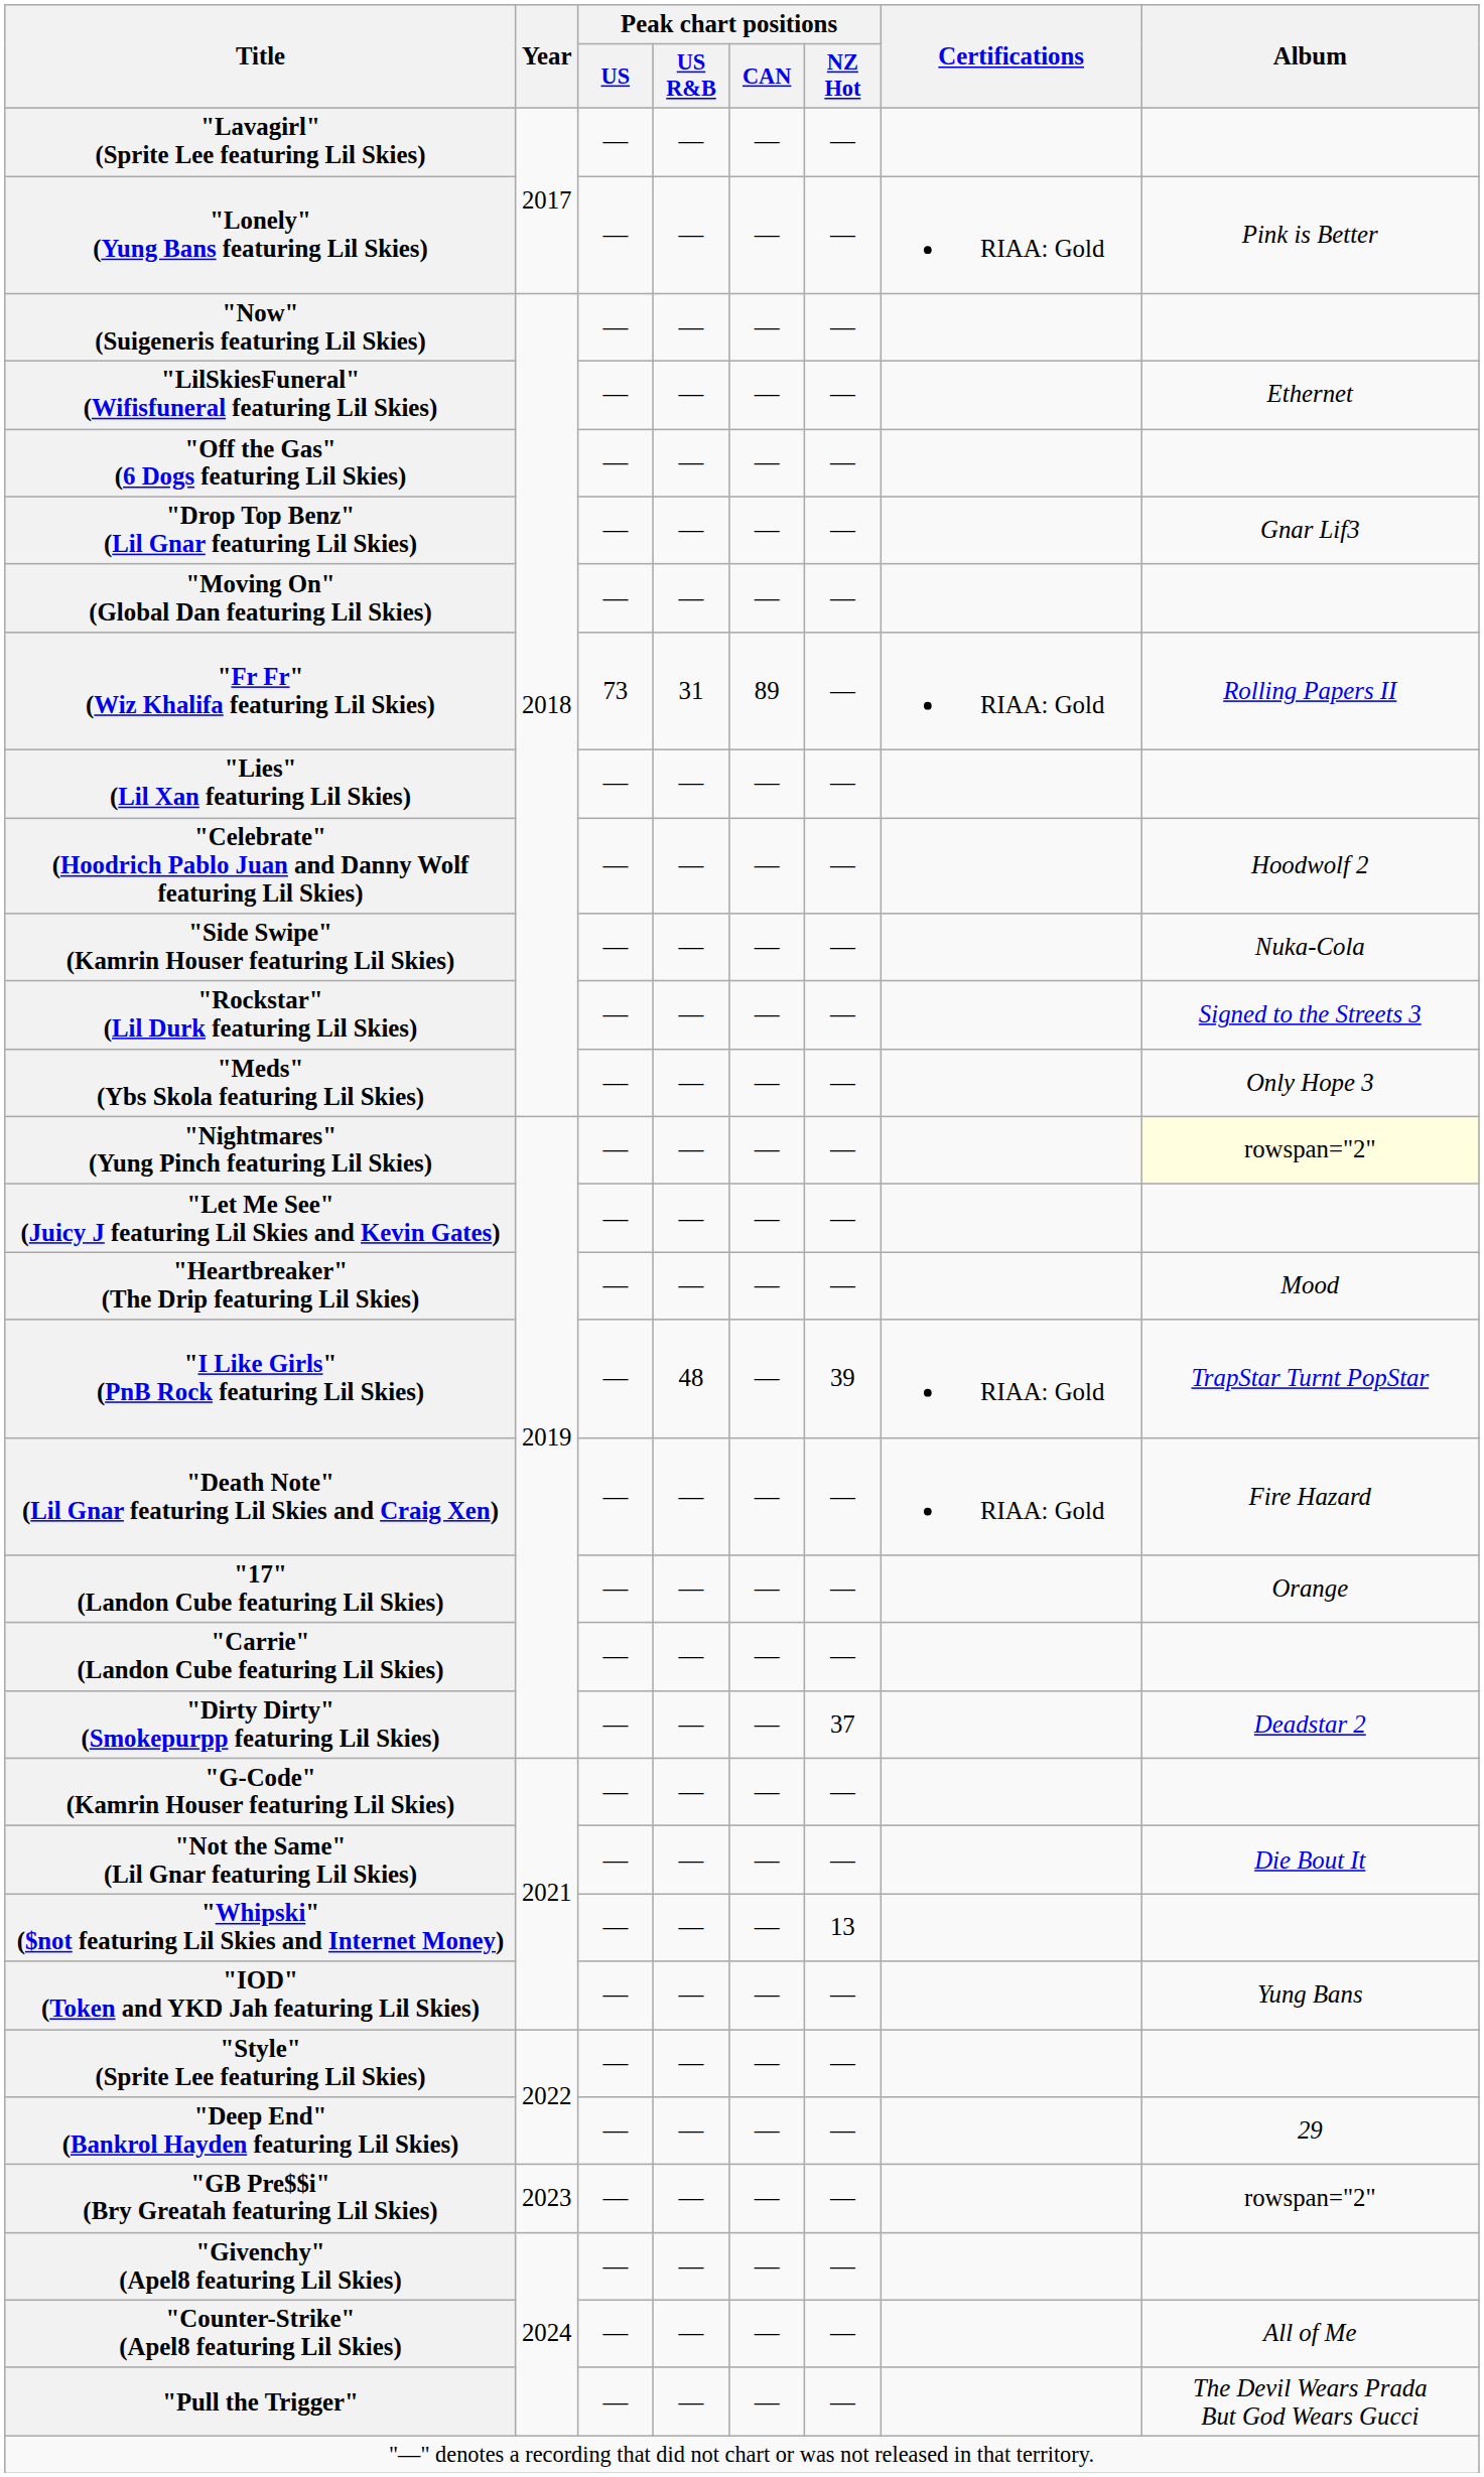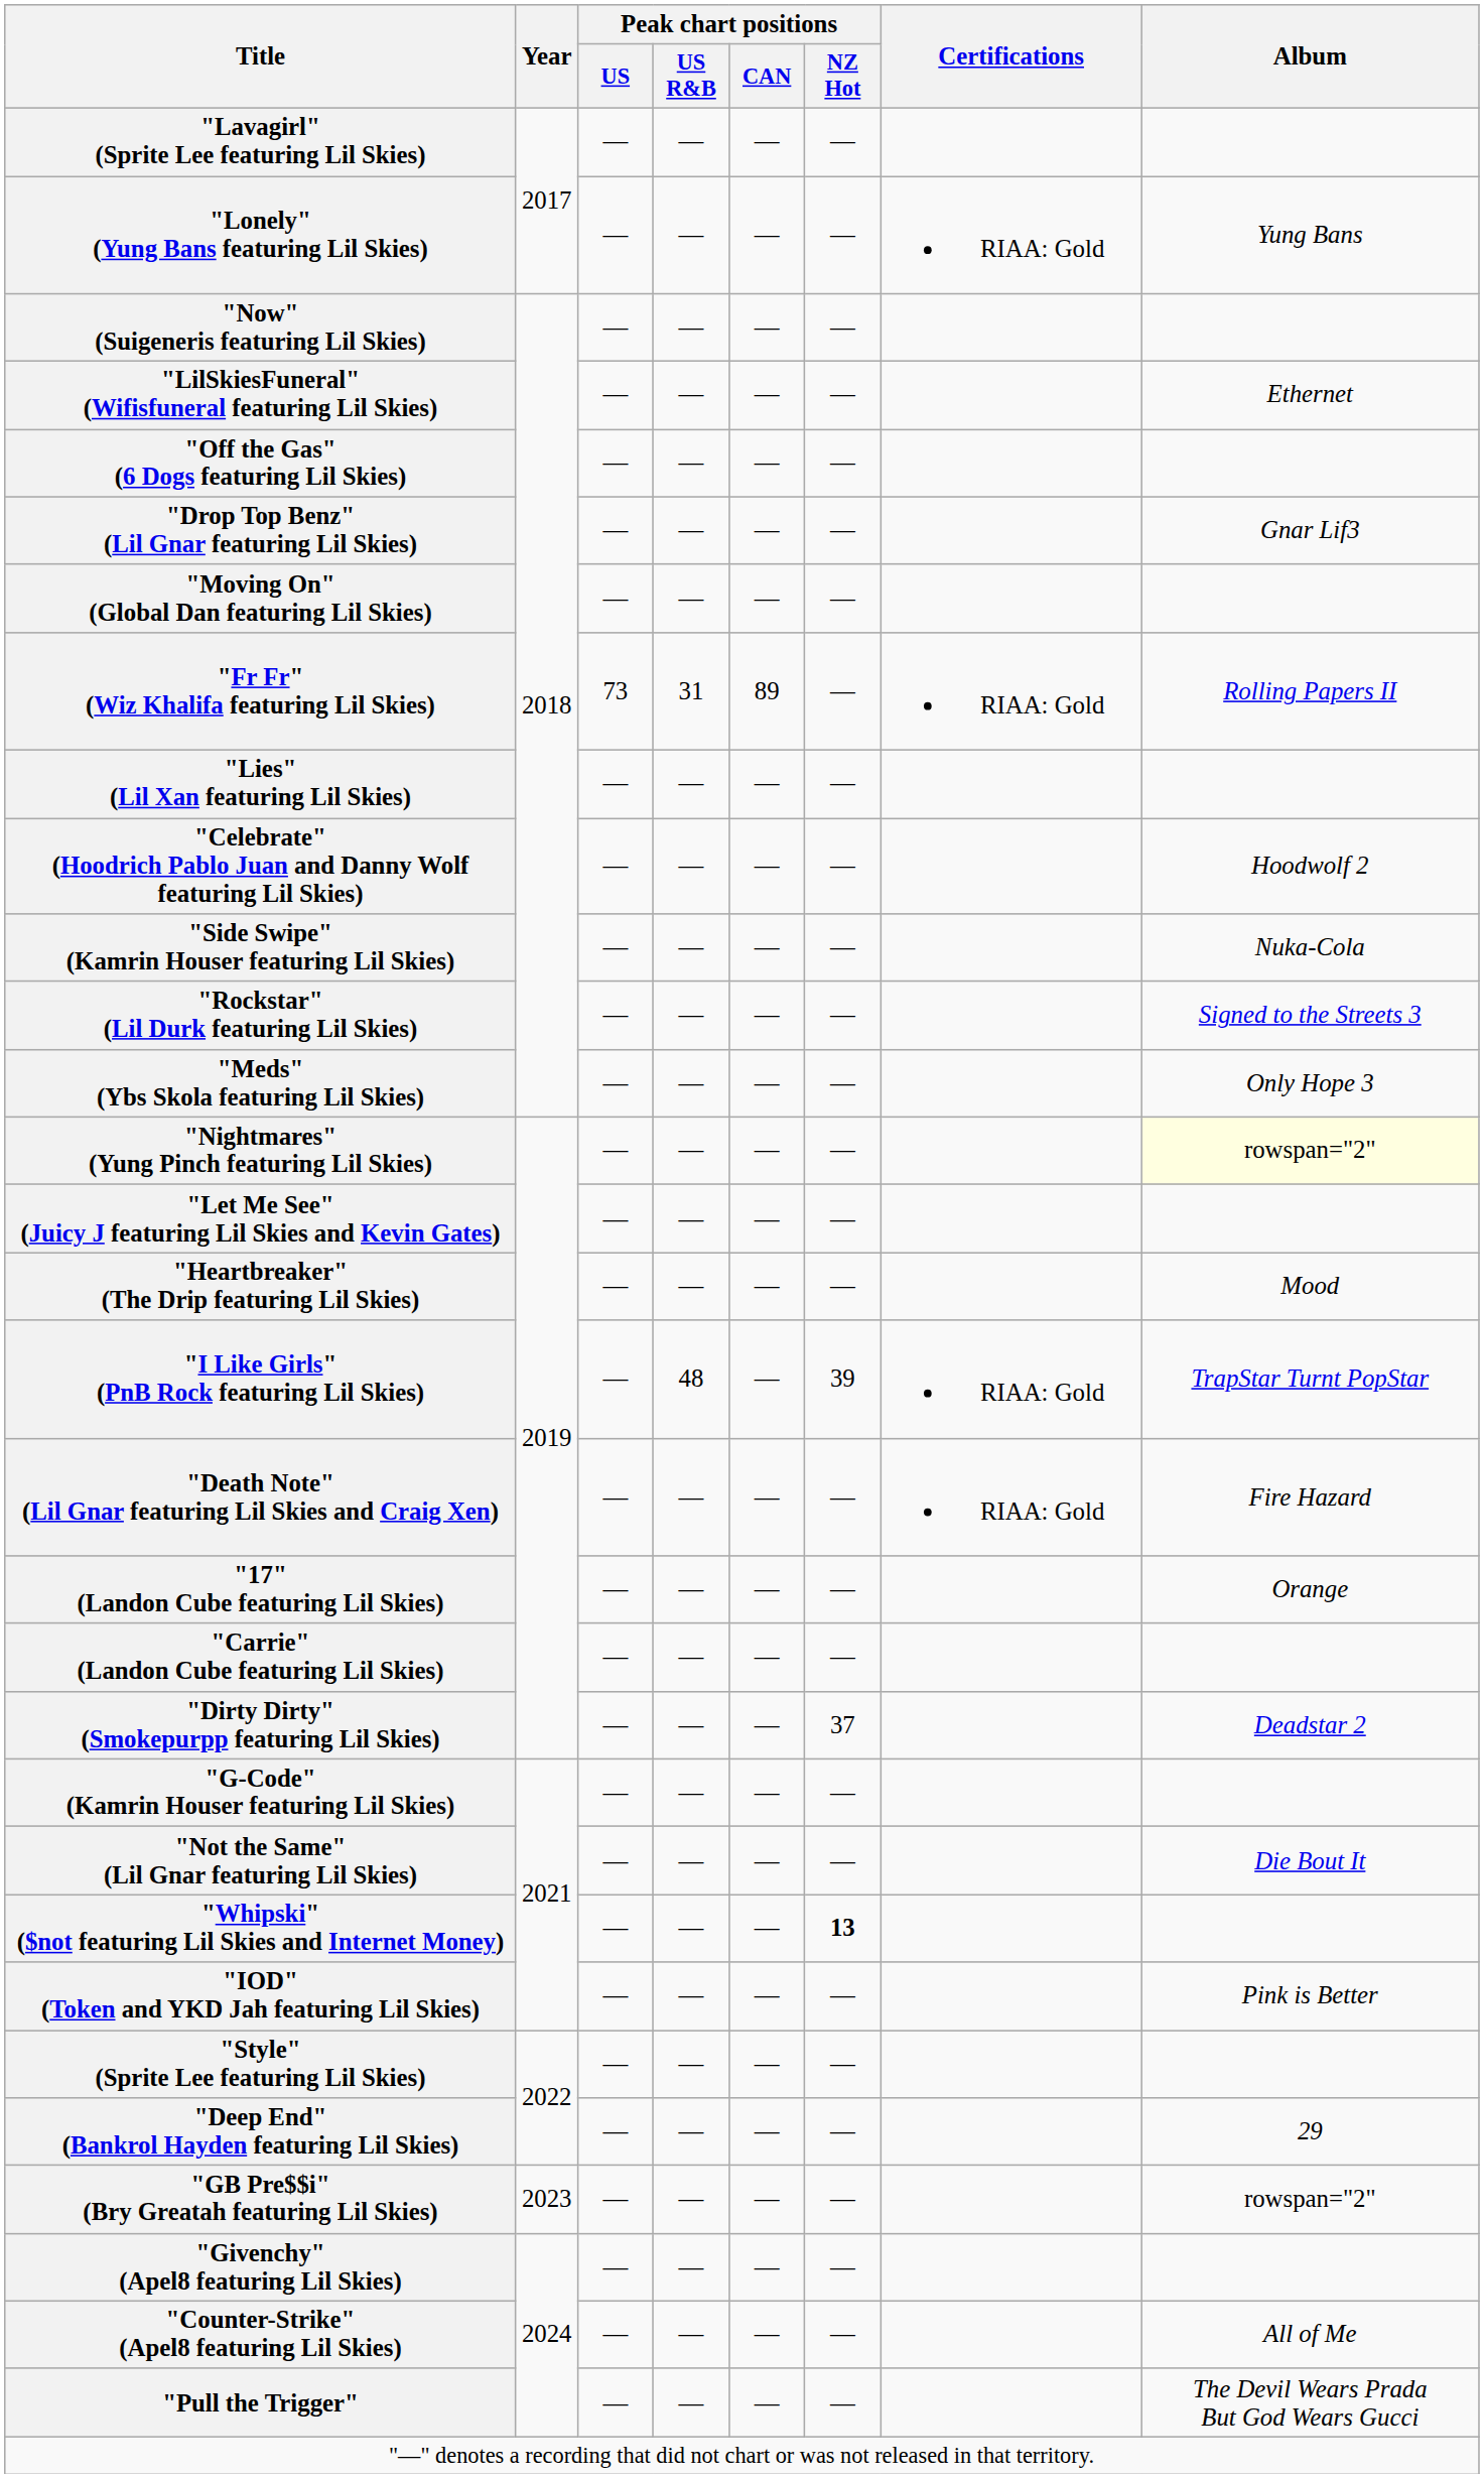 <table class="wikitable plainrowheaders" style="text-align:center;">
 <tr>
 <th scope="col" rowspan="2" style="width:20em;">Title</th>
 <th scope="col" rowspan="2" style="width:1em;">Year</th>
 <th scope="col" colspan="4">Peak chart positions</th>
 <th scope="col" rowspan="2" style="width:10em;"><a href='#'>Certifications</a></th>
 <th scope="col" rowspan="2" style="width:13em;">Album</th>
 </tr>
 <tr>
 <th scope="col" style="width:2.9em;font-size:90%;"><a href='#'>US</a><br></th>
 <th scope="col" style="width:2.9em;font-size:90%;"><a href='#'>US<br>R&B</a><br></th>
 <th scope="col" style="width:2.9em;font-size:90%;"><a href='#'>CAN</a><br></th>
 <th scope="col" style="width:2.9em;font-size:90%;"><a href='#'>NZ<br>Hot</a><br></th>
 </tr>
 <tr>
 <th scope="row">"Lavagirl"<br><span>(Sprite Lee featuring Lil Skies)</span></th>
 <td rowspan="2">2017</td>
 <td>—</td>
 <td>—</td>
 <td>—</td>
 <td>—</td>
 <td></td>
 <td></td>
 </tr>
 <tr>
 <th scope="row">"Lonely"<br><span>(<a href='#'>Yung Bans</a> featuring Lil Skies)</span></th>
 <td>—</td>
 <td>—</td>
 <td>—</td>
 <td>—</td>
 <td><br><ul><li>RIAA: Gold</li></ul></td>
-<td><em>Pink is Better</em></td>
+<td><em>Yung Bans</em></td>
 </tr>
 <tr>
 <th scope="row">"Now"<br><span>(Suigeneris featuring Lil Skies)</span></th>
 <td rowspan="11">2018</td>
 <td>—</td>
 <td>—</td>
 <td>—</td>
 <td>—</td>
 <td></td>
 <td></td>
 </tr>
 <tr>
 <th scope="row">"LilSkiesFuneral"<br><span>(<a href='#'>Wifisfuneral</a> featuring Lil Skies)</span></th>
 <td>—</td>
 <td>—</td>
 <td>—</td>
 <td>—</td>
 <td></td>
 <td><em>Ethernet</em></td>
 </tr>
 <tr>
 <th scope="row">"Off the Gas"<br><span>(<a href='#'>6 Dogs</a> featuring Lil Skies)</span></th>
 <td>—</td>
 <td>—</td>
 <td>—</td>
 <td>—</td>
 <td></td>
 <td></td>
 </tr>
 <tr>
 <th scope="row">"Drop Top Benz"<br><span>(<a href='#'>Lil Gnar</a> featuring Lil Skies)</span></th>
 <td>—</td>
 <td>—</td>
 <td>—</td>
 <td>—</td>
 <td></td>
 <td><em>Gnar Lif3</em></td>
 </tr>
 <tr>
 <th scope="row">"Moving On"<br><span>(Global Dan featuring Lil Skies)</span></th>
 <td>—</td>
 <td>—</td>
 <td>—</td>
 <td>—</td>
 <td></td>
 <td></td>
 </tr>
 <tr>
 <th scope="row">"<a href='#'>Fr Fr</a>"<br><span>(<a href='#'>Wiz Khalifa</a> featuring Lil Skies)</span></th>
 <td>73</td>
 <td>31</td>
 <td>89</td>
 <td>—</td>
 <td><br><ul><li>RIAA: Gold</li></ul></td>
 <td><em><a href='#'>Rolling Papers II</a></em></td>
 </tr>
 <tr>
 <th scope="row">"Lies"<br><span>(<a href='#'>Lil Xan</a> featuring Lil Skies)</span></th>
 <td>—</td>
 <td>—</td>
 <td>—</td>
 <td>—</td>
 <td></td>
 <td></td>
 </tr>
 <tr>
 <th scope="row">"Celebrate"<br><span>(<a href='#'>Hoodrich Pablo Juan</a> and Danny Wolf featuring Lil Skies)</span></th>
 <td>—</td>
 <td>—</td>
 <td>—</td>
 <td>—</td>
 <td></td>
 <td><em>Hoodwolf 2</em></td>
 </tr>
 <tr>
 <th scope="row">"Side Swipe"<br><span>(Kamrin Houser featuring Lil Skies)</span></th>
 <td>—</td>
 <td>—</td>
 <td>—</td>
 <td>—</td>
 <td></td>
 <td><em>Nuka-Cola</em></td>
 </tr>
 <tr>
 <th scope="row">"Rockstar"<br><span>(<a href='#'>Lil Durk</a> featuring Lil Skies)</span></th>
 <td>—</td>
 <td>—</td>
 <td>—</td>
 <td>—</td>
 <td></td>
 <td><em><a href='#'>Signed to the Streets 3</a></em></td>
 </tr>
 <tr>
 <th scope="row">"Meds"<br><span>(Ybs Skola featuring Lil Skies)</span></th>
 <td>—</td>
 <td>—</td>
 <td>—</td>
 <td>—</td>
 <td></td>
 <td><em>Only Hope 3</em></td>
 </tr>
 <tr>
 <th scope="row">"Nightmares"<br><span>(Yung Pinch featuring Lil Skies)</span></th>
 <td rowspan="8">2019</td>
 <td>—</td>
 <td>—</td>
 <td>—</td>
 <td>—</td>
 <td></td>
 <td style="background: lightyellow;">rowspan="2" </td>
 </tr>
 <tr>
 <th scope="row">"Let Me See"<br><span>(<a href='#'>Juicy J</a> featuring Lil Skies and <a href='#'>Kevin Gates</a>)</span></th>
 <td>—</td>
 <td>—</td>
 <td>—</td>
 <td>—</td>
 <td></td>
 </tr>
 <tr>
 <th scope="row">"Heartbreaker"<br><span>(The Drip featuring Lil Skies)</span></th>
 <td>—</td>
 <td>—</td>
 <td>—</td>
 <td>—</td>
 <td></td>
 <td><em>Mood</em></td>
 </tr>
 <tr>
 <th scope="row">"<a href='#'>I Like Girls</a>"<br><span>(<a href='#'>PnB Rock</a> featuring Lil Skies)</span></th>
 <td>—</td>
 <td>48</td>
 <td>—</td>
 <td>39</td>
 <td><br><ul><li>RIAA: Gold</li></ul></td>
 <td><em><a href='#'>TrapStar Turnt PopStar</a></em></td>
 </tr>
 <tr>
 <th scope="row">"Death Note"<br><span>(<a href='#'>Lil Gnar</a> featuring Lil Skies and <a href='#'>Craig Xen</a>)</span></th>
 <td>—</td>
 <td>—</td>
 <td>—</td>
 <td>—</td>
 <td><br><ul><li>RIAA: Gold</li></ul></td>
 <td><em>Fire Hazard</em></td>
 </tr>
 <tr>
 <th scope="row">"17"<br><span>(Landon Cube featuring Lil Skies)</span></th>
 <td>—</td>
 <td>—</td>
 <td>—</td>
 <td>—</td>
 <td></td>
 <td><em>Orange</em></td>
 </tr>
 <tr>
 <th scope="row">"Carrie"<br><span>(Landon Cube featuring Lil Skies)</span></th>
 <td>—</td>
 <td>—</td>
 <td>—</td>
 <td>—</td>
 <td></td>
 <td></td>
 </tr>
 <tr>
 <th scope="row">"Dirty Dirty"<br><span>(<a href='#'>Smokepurpp</a> featuring Lil Skies)</span></th>
 <td>—</td>
 <td>—</td>
 <td>—</td>
 <td>37</td>
 <td></td>
 <td><em><a href='#'>Deadstar 2</a></em></td>
 </tr>
 <tr>
 <th scope="row">"G-Code"<br><span>(Kamrin Houser featuring Lil Skies)</span></th>
 <td rowspan="4">2021</td>
 <td>—</td>
 <td>—</td>
 <td>—</td>
 <td>—</td>
 <td></td>
 <td></td>
 </tr>
 <tr>
 <th scope="row">"Not the Same"<br><span>(Lil Gnar featuring Lil Skies)</span></th>
 <td>—</td>
 <td>—</td>
 <td>—</td>
 <td>—</td>
 <td></td>
 <td><em><a href='#'>Die Bout It</a></em></td>
 </tr>
 <tr>
 <th scope="row">"<a href='#'>Whipski</a>"<br><span>(<a href='#'>$not</a> featuring Lil Skies and <a href='#'>Internet Money</a>)</span></th>
 <td>—</td>
 <td>—</td>
 <td>—</td>
-<td>13</td>
+<td><strong>13</strong></td>
 <td></td>
 <td></td>
 </tr>
 <tr>
 <th scope="row">"IOD"<br><span>(<a href='#'>Token</a> and YKD Jah featuring Lil Skies)</span></th>
 <td>—</td>
 <td>—</td>
 <td>—</td>
 <td>—</td>
 <td></td>
-<td><em>Yung Bans</em></td>
+<td><em>Pink is Better</em></td>
 </tr>
 <tr>
 <th scope="row">"Style"<br><span>(Sprite Lee featuring Lil Skies)</span></th>
 <td rowspan="2">2022</td>
 <td>—</td>
 <td>—</td>
 <td>—</td>
 <td>—</td>
 <td></td>
 <td></td>
 </tr>
 <tr>
 <th scope="row">"Deep End"<br><span>(<a href='#'>Bankrol Hayden</a> featuring Lil Skies)</span></th>
 <td>—</td>
 <td>—</td>
 <td>—</td>
 <td>—</td>
 <td></td>
 <td><em>29</em></td>
 </tr>
 <tr>
 <th scope="row">"GB Pre$$i"<br><span>(Bry Greatah featuring Lil Skies)</span></th>
 <td>2023</td>
 <td>—</td>
 <td>—</td>
 <td>—</td>
 <td>—</td>
 <td></td>
 <td>rowspan="2" </td>
 </tr>
 <tr>
 <th scope="row">"Givenchy"<br><span>(Apel8 featuring Lil Skies)</span></th>
 <td rowspan="3">2024</td>
 <td>—</td>
 <td>—</td>
 <td>—</td>
 <td>—</td>
 <td></td>
 </tr>
 <tr>
 <th scope="row">"Counter-Strike"<br><span>(Apel8 featuring Lil Skies)</span></th>
 <td>—</td>
 <td>—</td>
 <td>—</td>
 <td>—</td>
 <td></td>
 <td><em>All of Me</em></td>
 </tr>
 <tr>
 <th scope="row">"Pull the Trigger"<br></th>
 <td>—</td>
 <td>—</td>
 <td>—</td>
 <td>—</td>
 <td></td>
 <td><em>The Devil Wears Prada<br>But God Wears Gucci</em></td>
 </tr>
 <tr>
 <td colspan="13" style="font-size:90%">"—" denotes a recording that did not chart or was not released in that territory.</td>
 </tr>
 </table>
